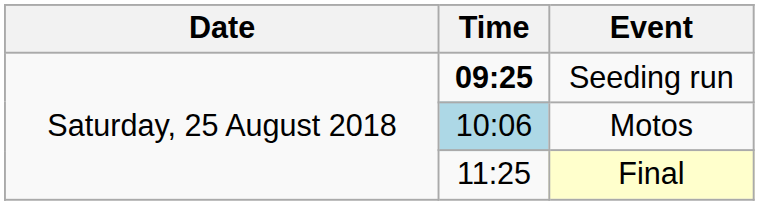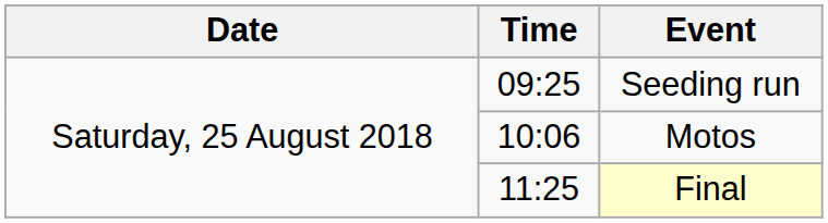 <table class = "wikitable" style="text-align:center;">
 <tr>
 <th width=220>Date</th>
 <th width=50>Time</th>
 <th width=100>Event</th>
 </tr>
 <tr>
 <td rowspan=3>Saturday, 25 August 2018</td>
-<td><strong>09:25</strong></td>
+<td>09:25</td>
 <td>Seeding run</td>
 </tr>
 <tr>
-<td style="background: lightblue;">10:06</td>
+<td>10:06</td>
 <td>Motos</td>
 </tr>
 <tr>
 <td>11:25</td>
 <td bgcolor=ffffcc>Final</td>
 </tr>
 </table>
